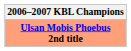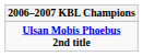 <table class=wikitable style="text-align:center; margin:auto">
 <tr>
 <th>2006–2007 KBL Champions</th>
 </tr>
 <tr>
-<td style="background: lightsalmon;"><strong><a href='#'>Ulsan Mobis Phoebus</a></strong><br><strong>2nd title</strong></td>
+<td><strong><a href='#'>Ulsan Mobis Phoebus</a></strong><br><strong>2nd title</strong></td>
 </tr>
 </table>
